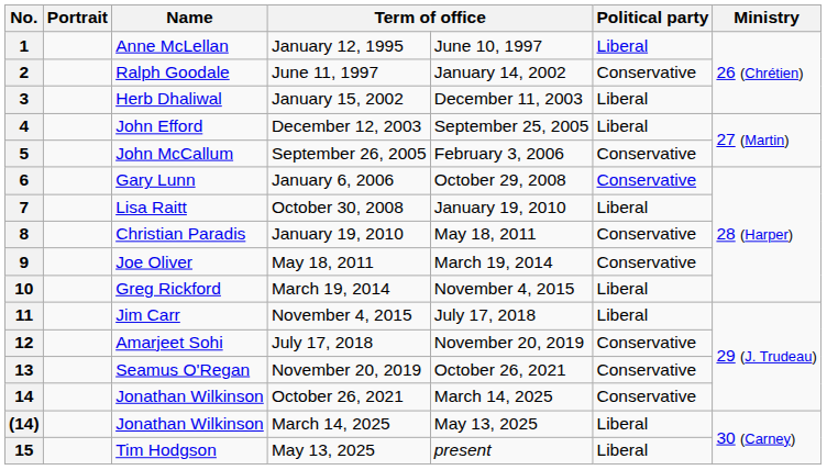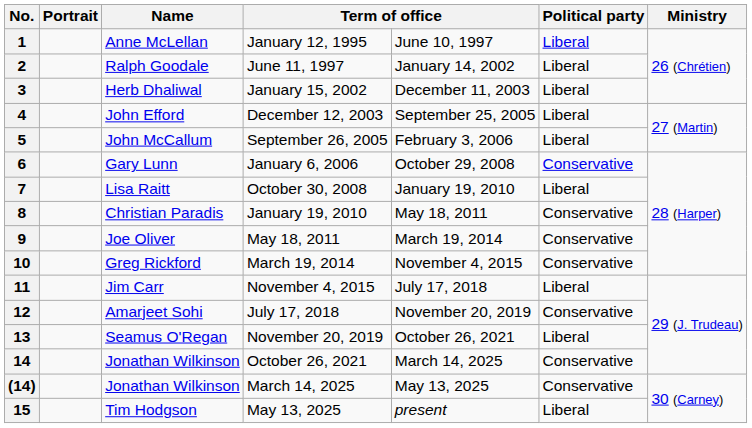 <table class="wikitable">
 <tr>
 <th>No.</th>
 <th>Portrait</th>
 <th>Name</th>
 <th colspan="2">Term of office</th>
 <th>Political party</th>
 <th>Ministry</th>
 </tr>
 <tr>
 <th style="background:">1</th>
 <td></td>
 <td><a href='#'>Anne McLellan</a></td>
 <td>January 12, 1995</td>
 <td>June 10, 1997</td>
 <td><a href='#'>Liberal</a></td>
 <td rowspan="3"><a href='#'>26</a> <small>(<a href='#'>Chrétien</a>)</small></td>
 </tr>
 <tr>
 <th style="background:">2</th>
 <td></td>
 <td><a href='#'>Ralph Goodale</a></td>
 <td>June 11, 1997</td>
 <td>January 14, 2002</td>
-<td>Conservative</td>
+<td>Liberal</td>
 </tr>
 <tr>
 <th style="background:">3</th>
 <td></td>
 <td><a href='#'>Herb Dhaliwal</a></td>
 <td>January 15, 2002</td>
 <td>December 11, 2003</td>
 <td>Liberal</td>
 </tr>
 <tr>
 <th style="background:">4</th>
 <td></td>
 <td><a href='#'>John Efford</a></td>
 <td>December 12, 2003</td>
 <td>September 25, 2005</td>
 <td>Liberal</td>
 <td rowspan="2"><a href='#'>27</a> <small>(<a href='#'>Martin</a>)</small></td>
 </tr>
 <tr>
 <th style="background:">5</th>
 <td></td>
 <td><a href='#'>John McCallum</a></td>
 <td>September 26, 2005</td>
 <td>February 3, 2006</td>
-<td>Conservative</td>
+<td>Liberal</td>
 </tr>
 <tr>
 <th style="background:">6</th>
 <td></td>
 <td><a href='#'>Gary Lunn</a></td>
 <td>January 6, 2006</td>
 <td>October 29, 2008</td>
 <td><a href='#'>Conservative</a></td>
 <td rowspan="5"><a href='#'>28</a> <small>(<a href='#'>Harper</a>)</small></td>
 </tr>
 <tr>
 <th style="background:">7</th>
 <td></td>
 <td><a href='#'>Lisa Raitt</a></td>
 <td>October 30, 2008</td>
 <td>January 19, 2010</td>
 <td>Liberal</td>
 </tr>
 <tr>
 <th style="background:">8</th>
 <td></td>
 <td><a href='#'>Christian Paradis</a></td>
 <td>January 19, 2010</td>
 <td>May 18, 2011</td>
 <td>Conservative</td>
 </tr>
 <tr>
 <th style="background:">9</th>
 <td></td>
 <td><a href='#'>Joe Oliver</a></td>
 <td>May 18, 2011</td>
 <td>March 19, 2014</td>
 <td>Conservative</td>
 </tr>
 <tr>
 <th style="background:">10</th>
 <td></td>
 <td><a href='#'>Greg Rickford</a></td>
 <td>March 19, 2014</td>
 <td>November 4, 2015</td>
-<td>Liberal</td>
+<td>Conservative</td>
 </tr>
 <tr>
 <th style="background:">11</th>
 <td></td>
 <td><a href='#'>Jim Carr</a></td>
 <td>November 4, 2015 </td>
 <td>July 17, 2018</td>
 <td>Liberal</td>
 <td rowspan="4"><a href='#'>29</a> <small>(<a href='#'>J. Trudeau</a>)</small></td>
 </tr>
 <tr>
 <th style="background:">12</th>
 <td></td>
 <td><a href='#'>Amarjeet Sohi</a></td>
 <td>July 17, 2018</td>
 <td>November 20, 2019</td>
 <td>Conservative</td>
 </tr>
 <tr>
 <th style="background:">13</th>
 <td></td>
 <td><a href='#'>Seamus O'Regan</a></td>
 <td>November 20, 2019</td>
 <td>October 26, 2021</td>
-<td>Conservative</td>
+<td>Liberal</td>
 </tr>
 <tr>
 <th style="background:">14</th>
 <td></td>
 <td><a href='#'>Jonathan Wilkinson</a></td>
 <td>October 26, 2021</td>
 <td>March 14, 2025</td>
 <td>Conservative</td>
 </tr>
 <tr>
 <th style="background:">(14)</th>
 <td></td>
 <td><a href='#'>Jonathan Wilkinson</a></td>
 <td>March 14, 2025</td>
 <td>May 13, 2025</td>
-<td>Liberal</td>
+<td>Conservative</td>
 <td rowspan="2"><a href='#'>30</a> <small>(<a href='#'>Carney</a>)</small></td>
 </tr>
 <tr>
 <th style="background:">15</th>
 <td></td>
 <td><a href='#'>Tim Hodgson</a></td>
 <td>May 13, 2025</td>
 <td><em>present</em></td>
 <td>Liberal</td>
 </tr>
 </table>
